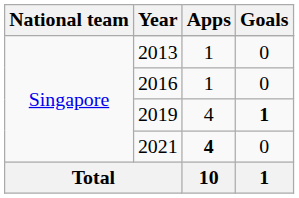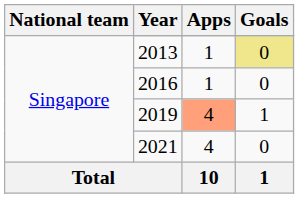 <table class="wikitable" style="text-align:center">
 <tr>
 <th>National team</th>
 <th>Year</th>
 <th>Apps</th>
 <th>Goals</th>
 </tr>
 <tr>
 <td rowspan="5"><a href='#'>Singapore</a></td>
 </tr>
 <tr>
 <td>2013</td>
 <td>1</td>
-<td>0</td>
+<td style="background: khaki;">0</td>
 </tr>
 <tr>
 <td>2016</td>
 <td>1</td>
 <td>0</td>
 </tr>
 <tr>
 <td>2019</td>
-<td>4</td>
-<td><strong>1</strong></td>
+<td style="background: lightsalmon;">4</td>
+<td>1</td>
 </tr>
 <tr>
 <td>2021</td>
-<td><strong>4</strong></td>
+<td>4</td>
 <td>0</td>
 </tr>
 <tr>
 <th colspan="2">Total</th>
 <th>10</th>
 <th>1</th>
 </tr>
 </table>
